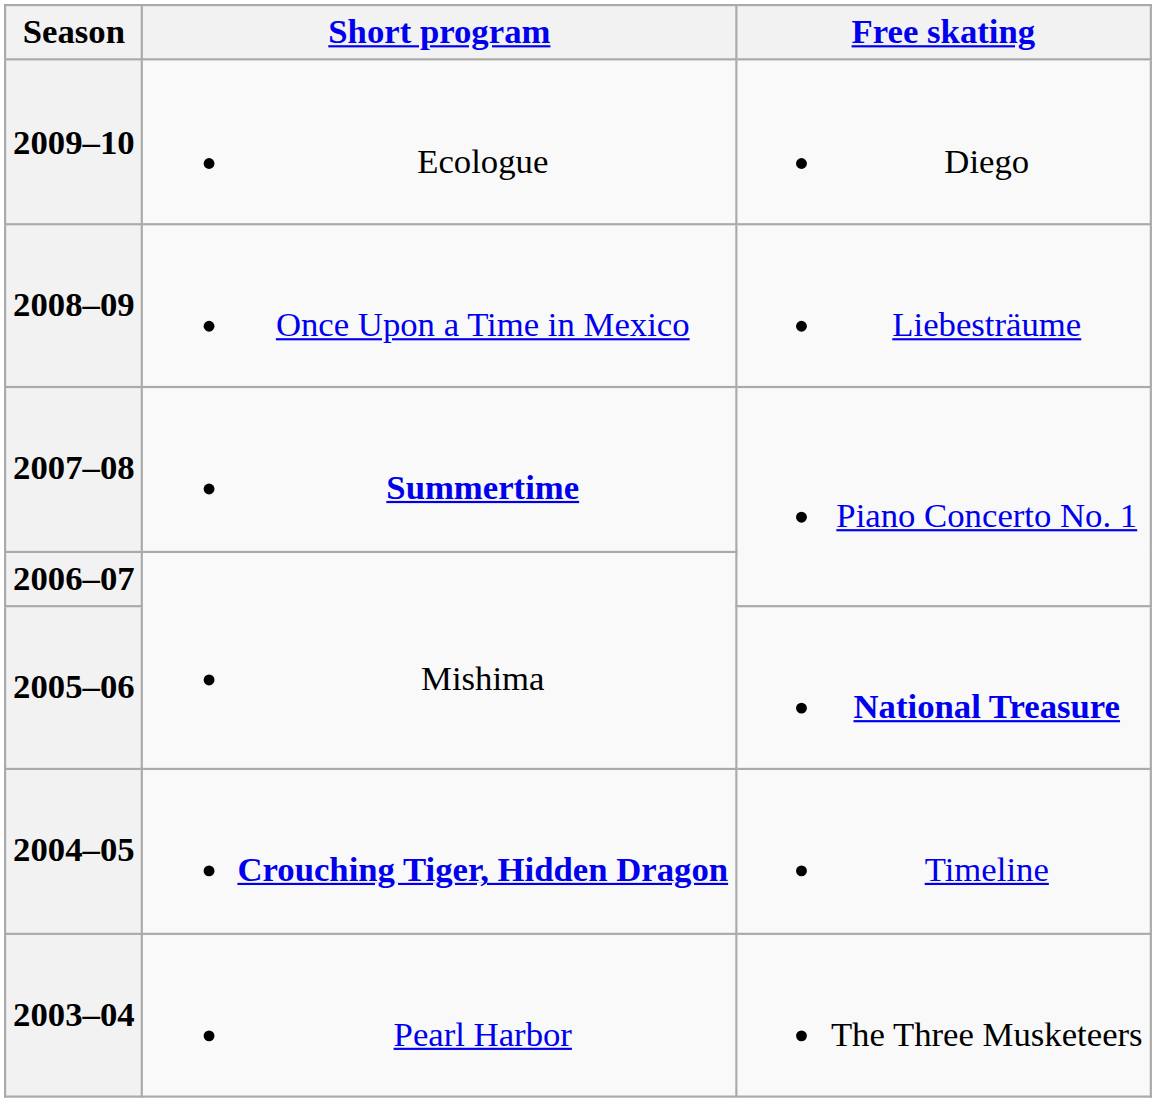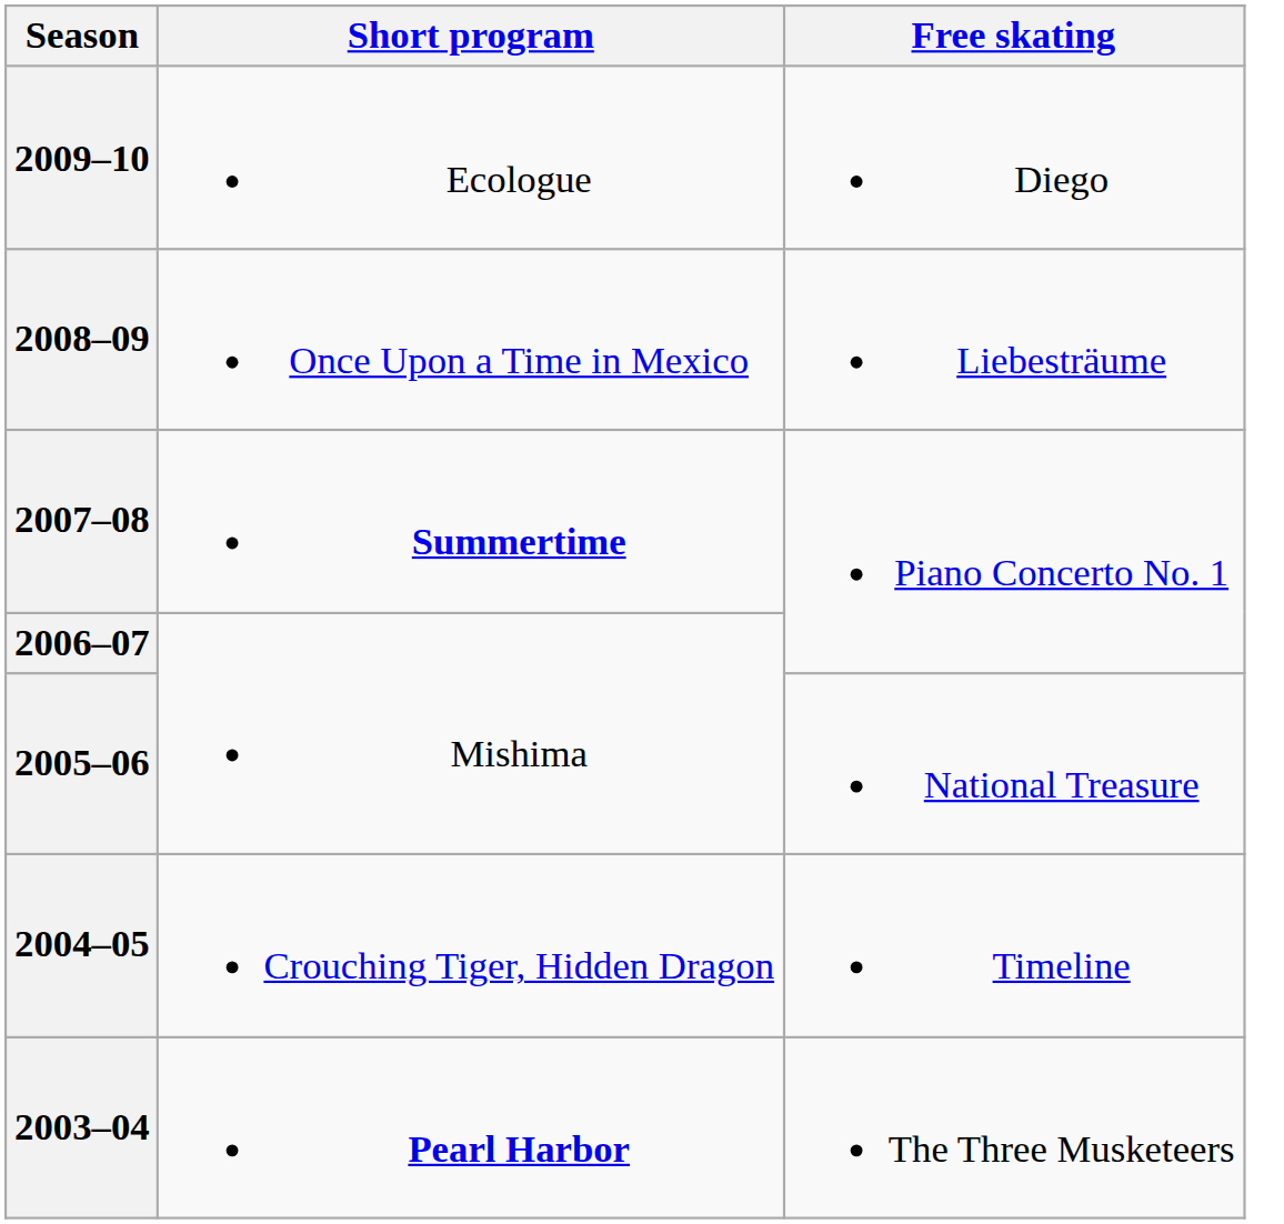 <table class=wikitable style=text-align:center>
 <tr>
 <th>Season</th>
 <th><a href='#'>Short program</a></th>
 <th><a href='#'>Free skating</a></th>
 </tr>
 <tr>
 <th>2009–10 <br> </th>
 <td><br><ul><li>Ecologue</li></ul></td>
 <td><br><ul><li>Diego</li></ul></td>
 </tr>
 <tr>
 <th>2008–09 <br> </th>
 <td><br><ul><li><a href='#'>Once Upon a Time in Mexico</a> <br></li></ul></td>
 <td><br><ul><li><a href='#'>Liebesträume</a> <br></li></ul></td>
 </tr>
 <tr>
 <th>2007–08 <br> </th>
 <td><strong><br><ul><li><a href='#'>Summertime</a> <br></li></ul></strong></td>
 <td rowspan=2><br><ul><li><a href='#'>Piano Concerto No. 1</a> <br></li></ul></td>
 </tr>
 <tr>
 <th>2006–07 <br> </th>
 <td rowspan=2><br><ul><li>Mishima <br></li></ul></td>
 </tr>
 <tr>
 <th>2005–06 <br> </th>
-<td><strong><br><ul><li><a href='#'>National Treasure</a> <br></li></ul></strong></td>
+<td><br><ul><li><a href='#'>National Treasure</a> <br></li></ul></td>
 </tr>
 <tr>
 <th>2004–05 <br> </th>
-<td><strong><br><ul><li><a href='#'>Crouching Tiger, Hidden Dragon</a> <br></li></ul></strong></td>
+<td><br><ul><li><a href='#'>Crouching Tiger, Hidden Dragon</a> <br></li></ul></td>
 <td><br><ul><li><a href='#'>Timeline</a> <br></li></ul></td>
 </tr>
 <tr>
 <th>2003–04 <br> </th>
-<td><br><ul><li><a href='#'>Pearl Harbor</a> <br></li></ul></td>
+<td><strong><br><ul><li><a href='#'>Pearl Harbor</a> <br></li></ul></strong></td>
 <td><br><ul><li>The Three Musketeers</li></ul></td>
 </tr>
 </table>
